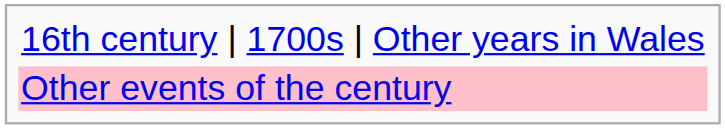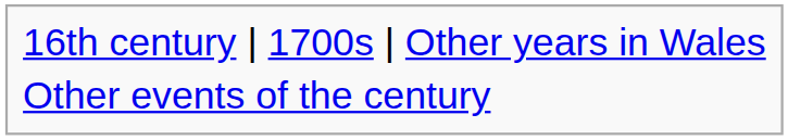 <table class="infobox" id="toc">
 <tr>
 <td align="left"><a href='#'>16th century</a> | <a href='#'>1700s</a> | <a href='#'>Other years in Wales</a></td>
 </tr>
 <tr>
-<td style="background: pink;"><a href='#'>Other events of the century</a></td>
+<td><a href='#'>Other events of the century</a></td>
 </tr>
 </table>
